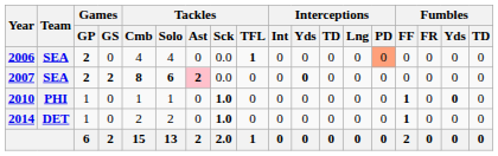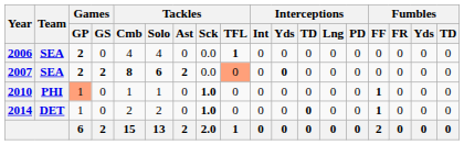 <table class="wikitable" style="text-align:center">
 <tr>
 <th rowspan="2">Year</th>
 <th rowspan="2">Team</th>
 <th colspan="2">Games</th>
 <th colspan="5">Tackles</th>
 <th colspan="5">Interceptions</th>
 <th colspan="4">Fumbles</th>
 </tr>
 <tr>
 <th>GP</th>
 <th>GS</th>
 <th>Cmb</th>
 <th>Solo</th>
 <th>Ast</th>
 <th>Sck</th>
 <th>TFL</th>
 <th>Int</th>
 <th>Yds</th>
 <th>TD</th>
 <th>Lng</th>
 <th>PD</th>
 <th>FF</th>
 <th>FR</th>
 <th>Yds</th>
 <th>TD</th>
 </tr>
 <tr>
 <th><a href='#'>2006</a></th>
 <th><a href='#'>SEA</a></th>
 <td><strong>2</strong></td>
 <td>0</td>
 <td>4</td>
 <td>4</td>
 <td>0</td>
 <td>0.0</td>
 <td><strong>1</strong></td>
 <td>0</td>
 <td>0</td>
 <td>0</td>
 <td>0</td>
-<td style="background: lightsalmon;">0</td>
+<td>0</td>
 <td>0</td>
 <td>0</td>
 <td>0</td>
 <td>0</td>
 </tr>
 <tr>
 <th><a href='#'>2007</a></th>
 <th><a href='#'>SEA</a></th>
 <td><strong>2</strong></td>
 <td><strong>2</strong></td>
 <td><strong>8</strong></td>
 <td><strong>6</strong></td>
-<td style="background: pink;"><strong>2</strong></td>
+<td><strong>2</strong></td>
 <td>0.0</td>
-<td>0</td>
+<td style="background: lightsalmon;">0</td>
 <td>0</td>
 <td><strong>0</strong></td>
 <td>0</td>
 <td>0</td>
 <td>0</td>
 <td>0</td>
 <td>0</td>
 <td>0</td>
 <td>0</td>
 </tr>
 <tr>
 <th><a href='#'>2010</a></th>
 <th><a href='#'>PHI</a></th>
-<td>1</td>
+<td style="background: lightsalmon;">1</td>
 <td>0</td>
 <td>1</td>
 <td>1</td>
 <td>0</td>
 <td><strong>1.0</strong></td>
 <td>0</td>
 <td>0</td>
 <td>0</td>
 <td>0</td>
 <td>0</td>
 <td>0</td>
 <td><strong>1</strong></td>
 <td>0</td>
-<td><strong>0</strong></td>
+<td>0</td>
 <td>0</td>
 </tr>
 <tr>
 <th><a href='#'>2014</a></th>
 <th><a href='#'>DET</a></th>
 <td>1</td>
 <td>0</td>
 <td>2</td>
 <td>2</td>
 <td>0</td>
 <td><strong>1.0</strong></td>
 <td>0</td>
 <td>0</td>
 <td>0</td>
-<td>0</td>
+<td><strong>0</strong></td>
 <td>0</td>
 <td>0</td>
 <td><strong>1</strong></td>
 <td>0</td>
 <td>0</td>
 <td>0</td>
 </tr>
 <tr>
 <th colspan="2"></th>
 <th>6</th>
 <th>2</th>
 <th>15</th>
 <th>13</th>
 <th>2</th>
 <th>2.0</th>
 <th>1</th>
 <th>0</th>
 <th>0</th>
 <th>0</th>
 <th>0</th>
 <th>0</th>
 <th>2</th>
 <th>0</th>
 <th>0</th>
 <th>0</th>
 </tr>
 </table>
